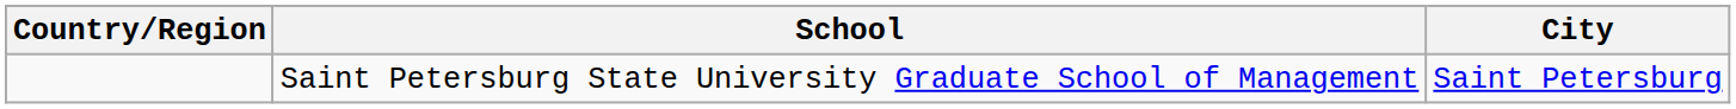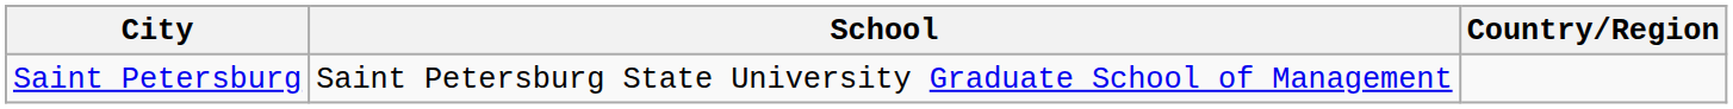 <table class="wikitable">
 <tr>
+<th>City</th>
+<th>School</th>
 <th>Country/Region</th>
-<th>School</th>
-<th>City</th>
 </tr>
 <tr>
+<td><a href='#'>Saint Petersburg</a></td>
+<td>Saint Petersburg State University <a href='#'>Graduate School of Management</a></td>
 <td></td>
-<td>Saint Petersburg State University <a href='#'>Graduate School of Management</a></td>
-<td><a href='#'>Saint Petersburg</a></td>
 </tr>
 </table>
